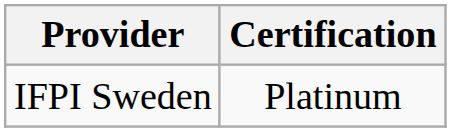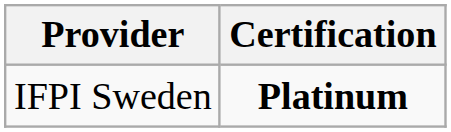 <table class="wikitable">
 <tr>
 <th>Provider</th>
 <th>Certification</th>
 </tr>
 <tr>
 <td>IFPI Sweden</td>
-<td align="center">Platinum</td>
+<td align="center"><strong>Platinum</strong></td>
 </tr>
 </table>
